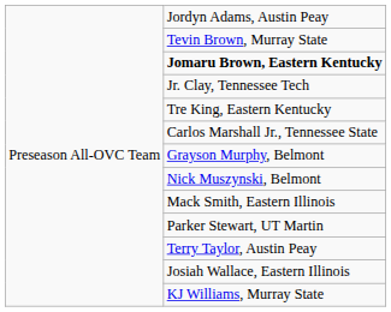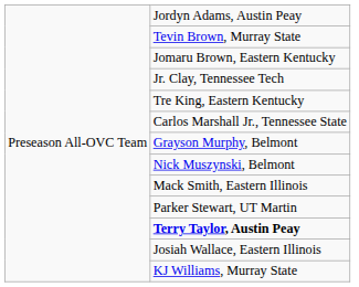 <table class="wikitable" border="1">
 <tr>
 <td rowspan=13 valign=middle>Preseason All-OVC Team</td>
 <td>Jordyn Adams, Austin Peay</td>
 </tr>
 <tr>
 <td><a href='#'>Tevin Brown</a>, Murray State</td>
 </tr>
 <tr>
-<td><strong>Jomaru Brown, Eastern Kentucky</strong></td>
+<td>Jomaru Brown, Eastern Kentucky</td>
 </tr>
 <tr>
 <td>Jr. Clay, Tennessee Tech</td>
 </tr>
 <tr>
 <td>Tre King, Eastern Kentucky</td>
 </tr>
 <tr>
 <td>Carlos Marshall Jr., Tennessee State</td>
 </tr>
 <tr>
 <td><a href='#'>Grayson Murphy</a>, Belmont</td>
 </tr>
 <tr>
 <td><a href='#'>Nick Muszynski</a>, Belmont</td>
 </tr>
 <tr>
 <td>Mack Smith, Eastern Illinois</td>
 </tr>
 <tr>
 <td>Parker Stewart, UT Martin</td>
 </tr>
 <tr>
-<td><a href='#'>Terry Taylor</a>, Austin Peay</td>
+<td><strong><a href='#'>Terry Taylor</a>, Austin Peay</strong></td>
 </tr>
 <tr>
 <td>Josiah Wallace, Eastern Illinois</td>
 </tr>
 <tr>
 <td><a href='#'>KJ Williams</a>, Murray State</td>
 </tr>
 </table>
